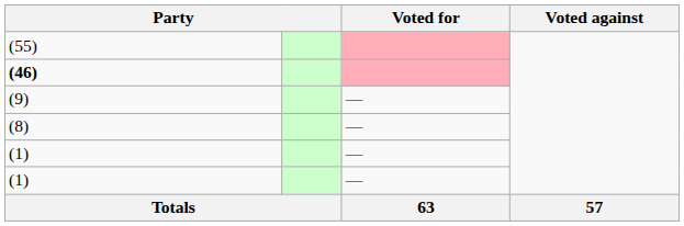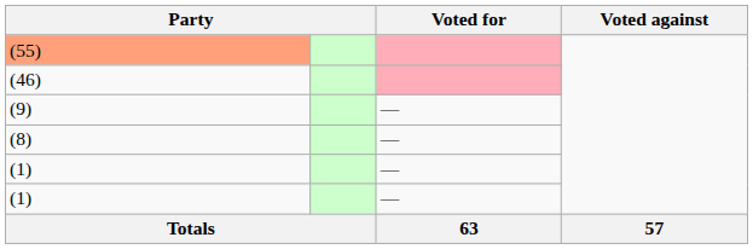 <table class="wikitable" style="width:40%;">
 <tr>
 <th style="width:20%;" colspan="2">Party</th>
 <th style="width:10%;">Voted for</th>
 <th style="width:10%;">Voted against</th>
 </tr>
 <tr>
-<td> (55)</td>
+<td style="background: lightsalmon;"> (55)</td>
 <td style="background-color:#CCFFCC;"></td>
 <td style="background-color:#FFAEB9;"></td>
 </tr>
 <tr>
-<td><strong> (46)</strong></td>
+<td> (46)</td>
 <td style="background-color:#CCFFCC;"></td>
 <td style="background-color:#FFAEB9;"></td>
 </tr>
 <tr>
 <td> (9)</td>
 <td style="background-color:#CCFFCC;"></td>
 <td>—</td>
 </tr>
 <tr>
 <td> (8)</td>
 <td style="background-color:#CCFFCC;"></td>
 <td>—</td>
 </tr>
 <tr>
 <td> (1)</td>
 <td style="background-color:#CCFFCC;"></td>
 <td>—</td>
 </tr>
 <tr>
 <td> (1)</td>
 <td style="background-color:#CCFFCC;"></td>
 <td>—</td>
 </tr>
 <tr>
 <th colspan=2>Totals</th>
 <th>63</th>
 <th>57</th>
 </tr>
 </table>
